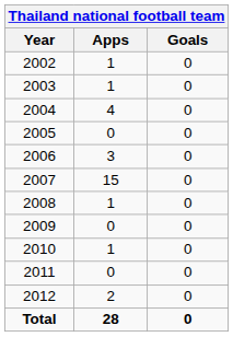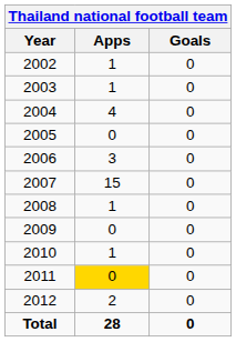 <table class="wikitable" style="text-align:center">
 <tr>
 <th colspan=3><a href='#'>Thailand national football team</a></th>
 </tr>
 <tr>
 <th>Year</th>
 <th>Apps</th>
 <th>Goals</th>
 </tr>
 <tr>
 <td>2002</td>
 <td>1</td>
 <td>0</td>
 </tr>
 <tr>
 <td>2003</td>
 <td>1</td>
 <td>0</td>
 </tr>
 <tr>
 <td>2004</td>
 <td>4</td>
 <td>0</td>
 </tr>
 <tr>
 <td>2005</td>
 <td>0</td>
 <td>0</td>
 </tr>
 <tr>
 <td>2006</td>
 <td>3</td>
 <td>0</td>
 </tr>
 <tr>
 <td>2007</td>
 <td>15</td>
 <td>0</td>
 </tr>
 <tr>
 <td>2008</td>
 <td>1</td>
 <td>0</td>
 </tr>
 <tr>
 <td>2009</td>
 <td>0</td>
 <td>0</td>
 </tr>
 <tr>
 <td>2010</td>
 <td>1</td>
 <td>0</td>
 </tr>
 <tr>
 <td>2011</td>
-<td>0</td>
+<td style="background: gold;">0</td>
 <td>0</td>
 </tr>
 <tr>
 <td>2012</td>
 <td>2</td>
 <td>0</td>
 </tr>
 <tr>
 <td><strong>Total</strong></td>
 <td><strong>28</strong></td>
 <td><strong>0</strong></td>
 </tr>
 </table>
